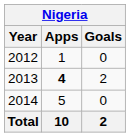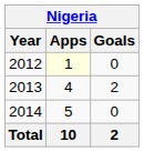 <table class="wikitable" style="text-align: center;">
 <tr>
 <th colspan=3><a href='#'>Nigeria</a></th>
 </tr>
 <tr>
 <th>Year</th>
 <th>Apps</th>
 <th>Goals</th>
 </tr>
 <tr>
 <td>2012</td>
-<td>1</td>
+<td style="background: lightyellow;">1</td>
 <td>0</td>
 </tr>
 <tr>
 <td>2013</td>
-<td><strong>4</strong></td>
+<td>4</td>
 <td>2</td>
 </tr>
 <tr>
 <td>2014</td>
 <td>5</td>
 <td>0</td>
 </tr>
 <tr>
 <th>Total</th>
 <th>10</th>
 <th>2</th>
 </tr>
 </table>
